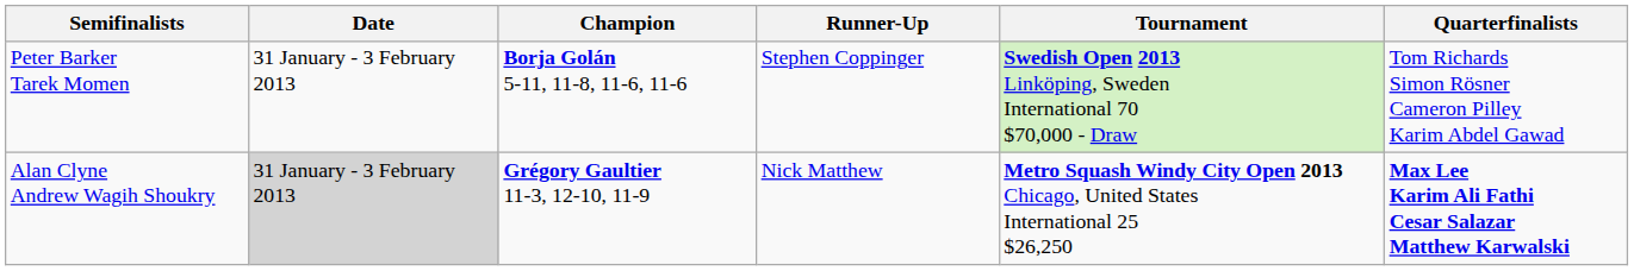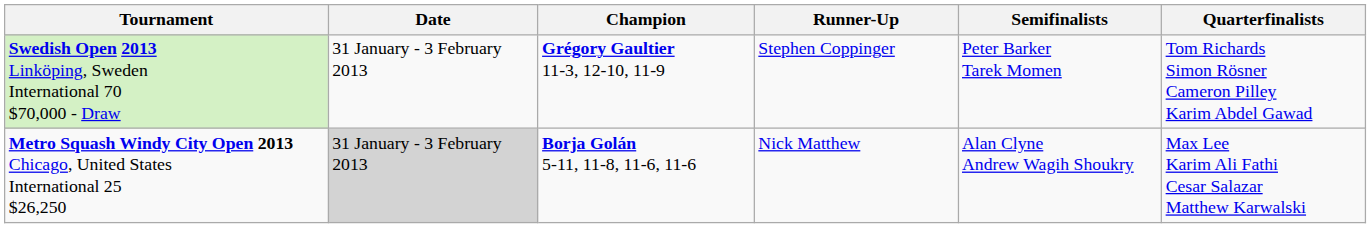 <table class="wikitable" style="font-size:88%">
 <tr>
-<th width=155>Semifinalists</th>
+<th width=250>Tournament</th>
 <th width=160>Date</th>
 <th width=165>Champion</th>
 <th width=155>Runner-Up</th>
-<th width=250>Tournament</th>
+<th width=155>Semifinalists</th>
 <th width=155>Quarterfinalists</th>
 </tr>
 <tr valign=top>
+<td style="background:#D4F1C5;"><strong><a href='#'>Swedish Open</a> <a href='#'>2013</a></strong><br> <a href='#'>Linköping</a>, Sweden<br>International 70<br>$70,000 - <a href='#'>Draw</a></td>
+<td>31 January - 3 February 2013</td>
+<td> <strong><a href='#'>Grégory Gaultier</a></strong><br>11-3, 12-10, 11-9</td>
+<td> <a href='#'>Stephen Coppinger</a></td>
 <td> <a href='#'>Peter Barker</a><br>  <a href='#'>Tarek Momen</a></td>
-<td>31 January - 3 February 2013</td>
-<td> <strong><a href='#'>Borja Golán</a></strong><br>5-11, 11-8, 11-6, 11-6</td>
-<td> <a href='#'>Stephen Coppinger</a></td>
-<td style="background:#D4F1C5;"><strong><a href='#'>Swedish Open</a> <a href='#'>2013</a></strong><br> <a href='#'>Linköping</a>, Sweden<br>International 70<br>$70,000 - <a href='#'>Draw</a></td>
 <td> <a href='#'>Tom Richards</a><br> <a href='#'>Simon Rösner</a><br> <a href='#'>Cameron Pilley</a><br> <a href='#'>Karim Abdel Gawad</a></td>
 </tr>
 <tr valign=top>
+<td><strong><a href='#'>Metro Squash Windy City Open</a> 2013</strong><br> <a href='#'>Chicago</a>, United States<br>International 25<br>$26,250</td>
+<td style="background: lightgrey;">31 January - 3 February 2013</td>
+<td> <strong><a href='#'>Borja Golán</a></strong><br>5-11, 11-8, 11-6, 11-6</td>
+<td> <a href='#'>Nick Matthew</a></td>
 <td> <a href='#'>Alan Clyne</a><br> <a href='#'>Andrew Wagih Shoukry</a></td>
-<td style="background: lightgrey;">31 January - 3 February 2013</td>
-<td> <strong><a href='#'>Grégory Gaultier</a></strong><br>11-3, 12-10, 11-9</td>
-<td> <a href='#'>Nick Matthew</a></td>
-<td><strong><a href='#'>Metro Squash Windy City Open</a> 2013</strong><br> <a href='#'>Chicago</a>, United States<br>International 25<br>$26,250</td>
-<td><strong> <a href='#'>Max Lee</a><br> <a href='#'>Karim Ali Fathi</a><br> <a href='#'>Cesar Salazar</a><br> <a href='#'>Matthew Karwalski</a></strong></td>
+<td> <a href='#'>Max Lee</a><br> <a href='#'>Karim Ali Fathi</a><br> <a href='#'>Cesar Salazar</a><br> <a href='#'>Matthew Karwalski</a></td>
 </tr>
 </table>
